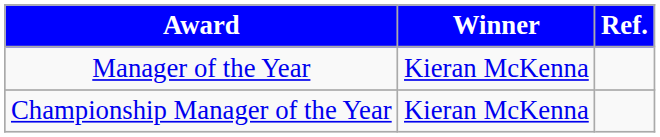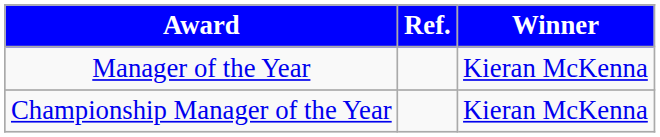 <table class="wikitable" style="text-align:center">
 <tr>
 <th style="background:blue; color:white; width=0%">Award</th>
+<th style="background:blue; color:white; width=0%">Ref.</th>
 <th style="background:blue; color:white; width=0%">Winner</th>
-<th style="background:blue; color:white; width=0%">Ref.</th>
 </tr>
 <tr>
 <td><a href='#'>Manager of the Year</a></td>
+<td></td>
 <td> <a href='#'>Kieran McKenna</a></td>
-<td></td>
 </tr>
 <tr>
 <td><a href='#'>Championship Manager of the Year</a></td>
+<td></td>
 <td> <a href='#'>Kieran McKenna</a></td>
-<td></td>
 </tr>
 </table>
